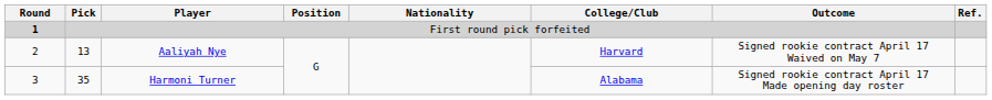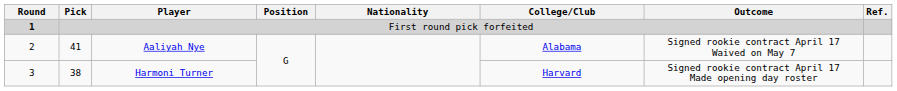 <table class="wikitable sortable sortable" style="text-align: center">
 <tr>
 <th width="5%">Round</th>
 <th width="3%">Pick</th>
 <th width="15%">Player</th>
 <th width="5%">Position</th>
 <th width="15%">Nationality</th>
 <th width="15%">College/Club</th>
 <th width="20%">Outcome</th>
 <th width="1%">Ref.</th>
 </tr>
 <tr bgcolor="lightgray">
 <td><strong>1</strong></td>
 <td colspan=6>First round pick forfeited </td>
 <td></td>
 </tr>
 <tr>
 <td>2</td>
-<td>13</td>
+<td>41</td>
 <td><a href='#'>Aaliyah Nye</a></td>
 <td rowspan=2>G</td>
 <td rowspan=2></td>
-<td><a href='#'>Harvard</a></td>
+<td><a href='#'>Alabama</a></td>
 <td>Signed rookie contract April 17<br>Waived on May 7</td>
 <td></td>
 </tr>
 <tr>
 <td>3</td>
-<td>35</td>
+<td>38</td>
 <td><a href='#'>Harmoni Turner</a></td>
-<td><a href='#'>Alabama</a></td>
+<td><a href='#'>Harvard</a></td>
 <td>Signed rookie contract April 17<br>Made opening day roster</td>
 <td></td>
 </tr>
 </table>
